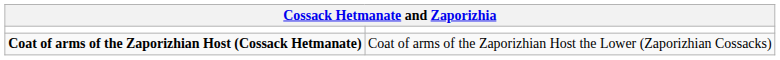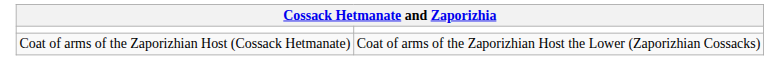 <table class="wikitable" style="margin:0.3em auto">
 <tr>
 <th class="hintergrundfarbe8" colspan="4"><a href='#'>Cossack Hetmanate</a> and <a href='#'>Zaporizhia</a></th>
 </tr>
 <tr align="center" bgcolor="#FFFFFF">
 <td></td>
 <td></td>
 </tr>
 <tr class="hintergrundfarbe8" align="center">
-<td><strong>Coat of arms of the Zaporizhian Host (Cossack Hetmanate)</strong></td>
+<td>Coat of arms of the Zaporizhian Host (Cossack Hetmanate)</td>
 <td>Coat of arms of the Zaporizhian Host the Lower (Zaporizhian Cossacks)</td>
 </tr>
 </table>
